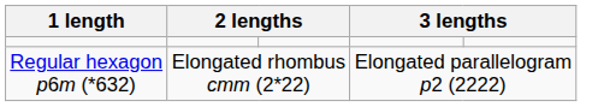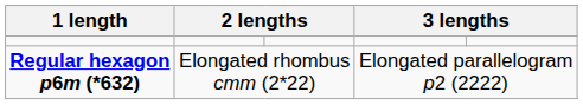 <table class=wikitable>
 <tr>
 <th>1 length</th>
 <th colspan=2>2 lengths</th>
 <th colspan=2>3 lengths</th>
 </tr>
 <tr valign=top align=center>
 <td></td>
 <td></td>
 <td></td>
 <td></td>
 <td></td>
 </tr>
 <tr valign=top align=center>
-<td><a href='#'>Regular hexagon</a><br><em>p</em>6<em>m</em> (*632)</td>
+<td><strong><a href='#'>Regular hexagon</a><br><em>p</em>6<em>m</em> (*632)</strong></td>
 <td colspan=2>Elongated rhombus<br><em>cmm</em> (2*22)</td>
 <td colspan=2>Elongated parallelogram<br><em>p</em>2 (2222)</td>
 </tr>
 </table>
